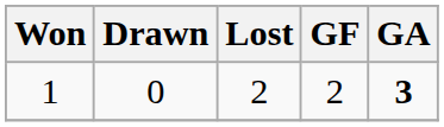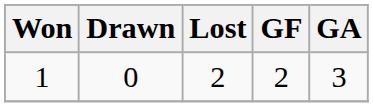 <table class="wikitable" style="text-align:center">
 <tr>
 <th>Won</th>
 <th>Drawn</th>
 <th>Lost</th>
 <th>GF</th>
 <th>GA</th>
 </tr>
 <tr>
 <td>1</td>
 <td>0</td>
 <td>2</td>
 <td>2</td>
-<td><strong>3</strong></td>
+<td>3</td>
 </tr>
 <tr>
 </tr>
 </table>
